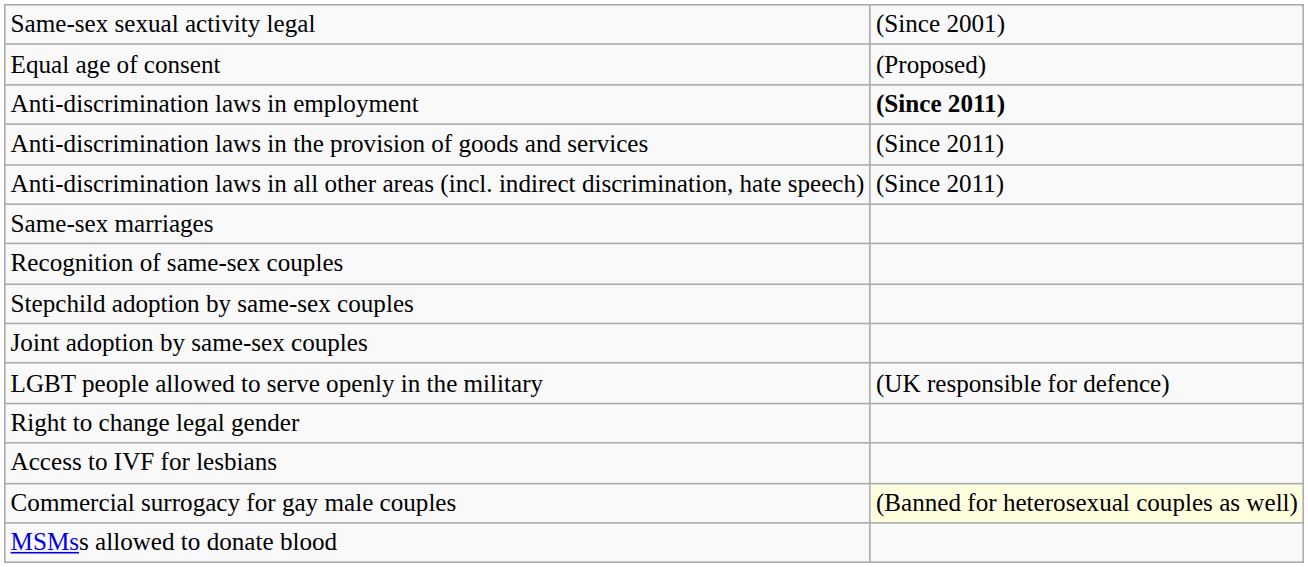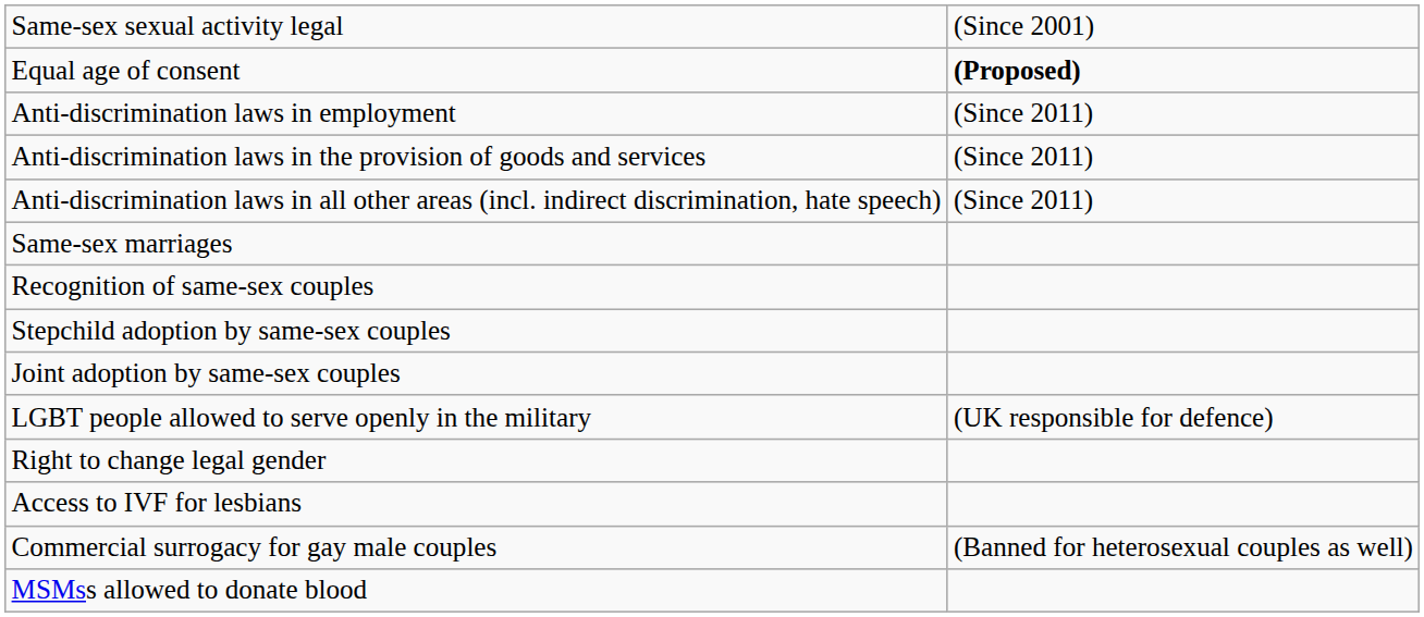 <table class="wikitable">
 <tr>
 <td>Same-sex sexual activity legal</td>
 <td> (Since 2001)</td>
 </tr>
 <tr>
 <td>Equal age of consent</td>
-<td> (Proposed)</td>
+<td><strong> (Proposed)</strong></td>
 </tr>
 <tr>
 <td>Anti-discrimination laws in employment</td>
-<td><strong> (Since 2011)</strong></td>
+<td> (Since 2011)</td>
 </tr>
 <tr>
 <td>Anti-discrimination laws in the provision of goods and services</td>
 <td> (Since 2011)</td>
 </tr>
 <tr>
 <td>Anti-discrimination laws in all other areas (incl. indirect discrimination, hate speech)</td>
 <td> (Since 2011)</td>
 </tr>
 <tr>
 <td>Same-sex marriages</td>
 <td></td>
 </tr>
 <tr>
 <td>Recognition of same-sex couples</td>
 <td></td>
 </tr>
 <tr>
 <td>Stepchild adoption by same-sex couples</td>
 <td></td>
 </tr>
 <tr>
 <td>Joint adoption by same-sex couples</td>
 <td></td>
 </tr>
 <tr>
 <td>LGBT people allowed to serve openly in the military</td>
 <td> (UK responsible for defence)</td>
 </tr>
 <tr>
 <td>Right to change legal gender</td>
 <td></td>
 </tr>
 <tr>
 <td>Access to IVF for lesbians</td>
 <td></td>
 </tr>
 <tr>
 <td>Commercial surrogacy for gay male couples</td>
-<td style="background: lightyellow;"> (Banned for heterosexual couples as well)</td>
+<td> (Banned for heterosexual couples as well)</td>
 </tr>
 <tr>
 <td><a href='#'>MSMs</a>s allowed to donate blood</td>
 <td></td>
 </tr>
 </table>
